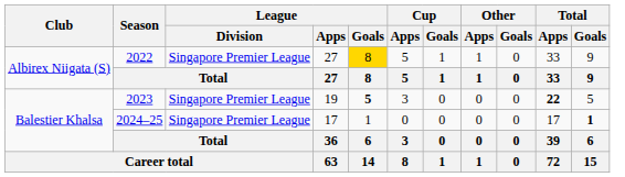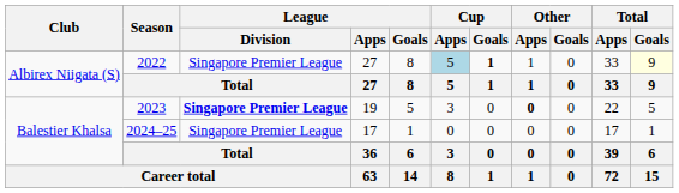 <table class="wikitable" style="text-align: center">
 <tr>
 <th rowspan="2">Club</th>
 <th rowspan="2">Season</th>
 <th colspan="3">League</th>
 <th colspan="2">Cup</th>
 <th colspan="2">Other</th>
 <th colspan="2">Total</th>
 </tr>
 <tr>
 <th>Division</th>
 <th>Apps</th>
 <th>Goals</th>
 <th>Apps</th>
 <th>Goals</th>
 <th>Apps</th>
 <th>Goals</th>
 <th>Apps</th>
 <th>Goals</th>
 </tr>
 <tr>
 <td rowspan="2"><a href='#'>Albirex Niigata (S)</a></td>
 <td><a href='#'>2022</a></td>
 <td><a href='#'>Singapore Premier League</a></td>
 <td>27</td>
-<td style="background: gold;">8</td>
-<td>5</td>
-<td>1</td>
+<td>8</td>
+<td style="background: lightblue;">5</td>
+<td><strong>1</strong></td>
 <td>1</td>
 <td>0</td>
 <td>33</td>
-<td>9</td>
+<td style="background: lightyellow;">9</td>
 </tr>
 <tr>
 <th colspan=2>Total</th>
 <th>27</th>
 <th>8</th>
 <th>5</th>
 <th>1</th>
 <th>1</th>
 <th>0</th>
 <th>33</th>
 <th>9</th>
 </tr>
 <tr>
 <td rowspan="3"><a href='#'>Balestier Khalsa</a></td>
 <td><a href='#'>2023</a></td>
-<td><a href='#'>Singapore Premier League</a></td>
+<td><strong><a href='#'>Singapore Premier League</a></strong></td>
 <td>19</td>
-<td><strong>5</strong></td>
+<td>5</td>
 <td>3</td>
 <td>0</td>
+<td><strong>0</strong></td>
 <td>0</td>
-<td>0</td>
-<td><strong>22</strong></td>
+<td>22</td>
 <td>5</td>
 </tr>
 <tr>
 <td><a href='#'>2024–25</a></td>
 <td><a href='#'>Singapore Premier League</a></td>
 <td>17</td>
 <td>1</td>
 <td>0</td>
 <td>0</td>
 <td>0</td>
 <td>0</td>
 <td>17</td>
-<td><strong>1</strong></td>
+<td>1</td>
 </tr>
 <tr>
 <th colspan=2>Total</th>
 <th>36</th>
 <th>6</th>
 <th>3</th>
 <th>0</th>
 <th>0</th>
 <th>0</th>
 <th>39</th>
 <th>6</th>
 </tr>
 <tr>
 <th colspan=3>Career total</th>
 <th>63</th>
 <th>14</th>
 <th>8</th>
 <th>1</th>
 <th>1</th>
 <th>0</th>
 <th>72</th>
 <th>15</th>
 </tr>
 </table>
